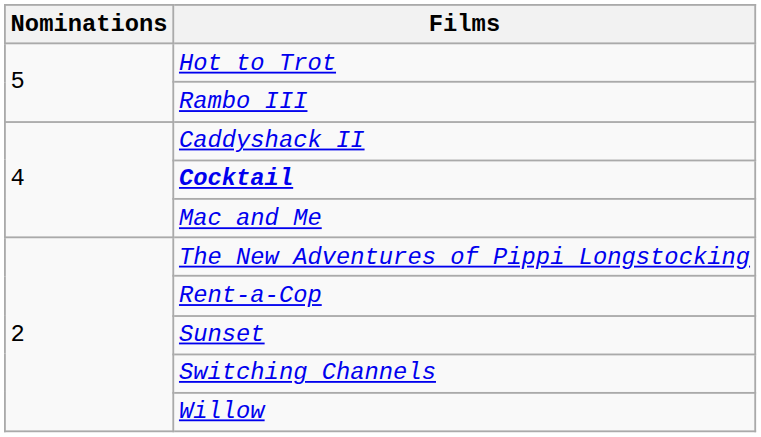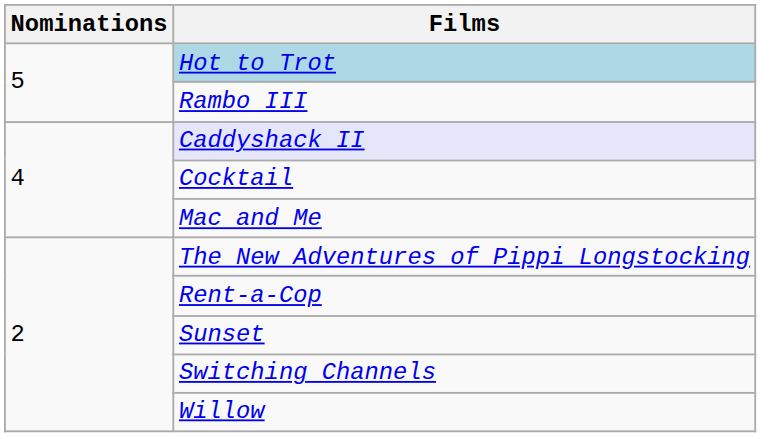 <table class="wikitable">
 <tr>
 <th>Nominations</th>
 <th>Films</th>
 </tr>
 <tr>
 <td rowspan="2">5</td>
-<td><em><a href='#'>Hot to Trot</a></em></td>
+<td style="background: lightblue;"><em><a href='#'>Hot to Trot</a></em></td>
 </tr>
 <tr>
 <td><em><a href='#'>Rambo III</a></em></td>
 </tr>
 <tr>
 <td rowspan="3">4</td>
-<td><em><a href='#'>Caddyshack II</a></em></td>
+<td style="background: lavender;"><em><a href='#'>Caddyshack II</a></em></td>
 </tr>
 <tr>
-<td><strong><a href='#'><em>Cocktail</em></a></strong></td>
+<td><a href='#'><em>Cocktail</em></a></td>
 </tr>
 <tr>
 <td><em><a href='#'>Mac and Me</a></em></td>
 </tr>
 <tr>
 <td rowspan="5">2</td>
 <td><em><a href='#'>The New Adventures of Pippi Longstocking</a></em></td>
 </tr>
 <tr>
 <td><em><a href='#'>Rent-a-Cop</a></em></td>
 </tr>
 <tr>
 <td><a href='#'><em>Sunset</em></a></td>
 </tr>
 <tr>
 <td><em><a href='#'>Switching Channels</a></em></td>
 </tr>
 <tr>
 <td><a href='#'><em>Willow</em></a></td>
 </tr>
 </table>
